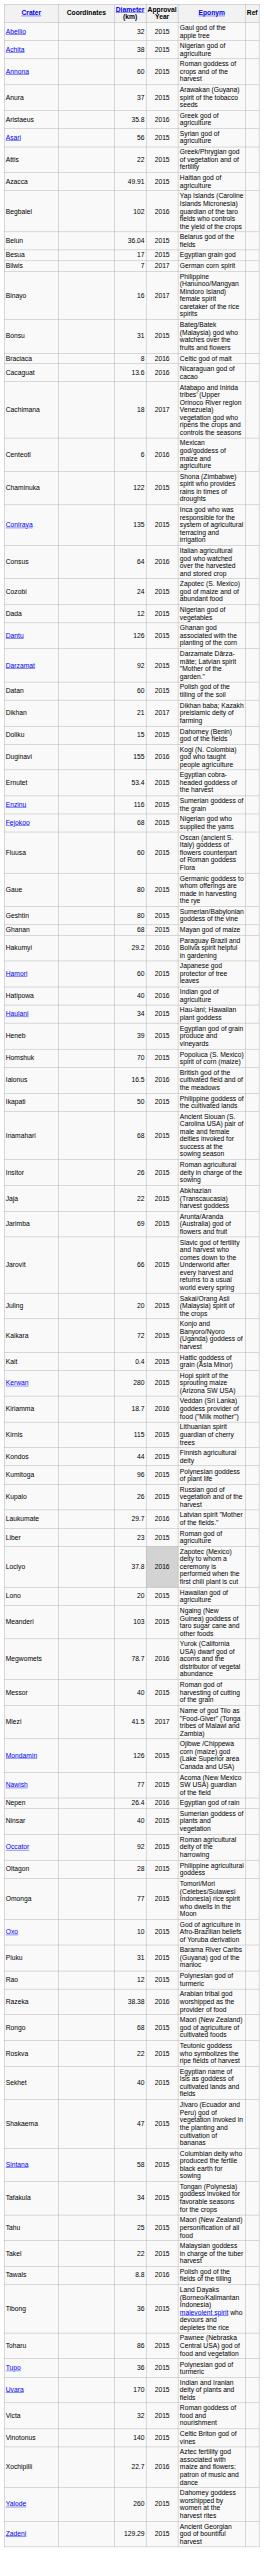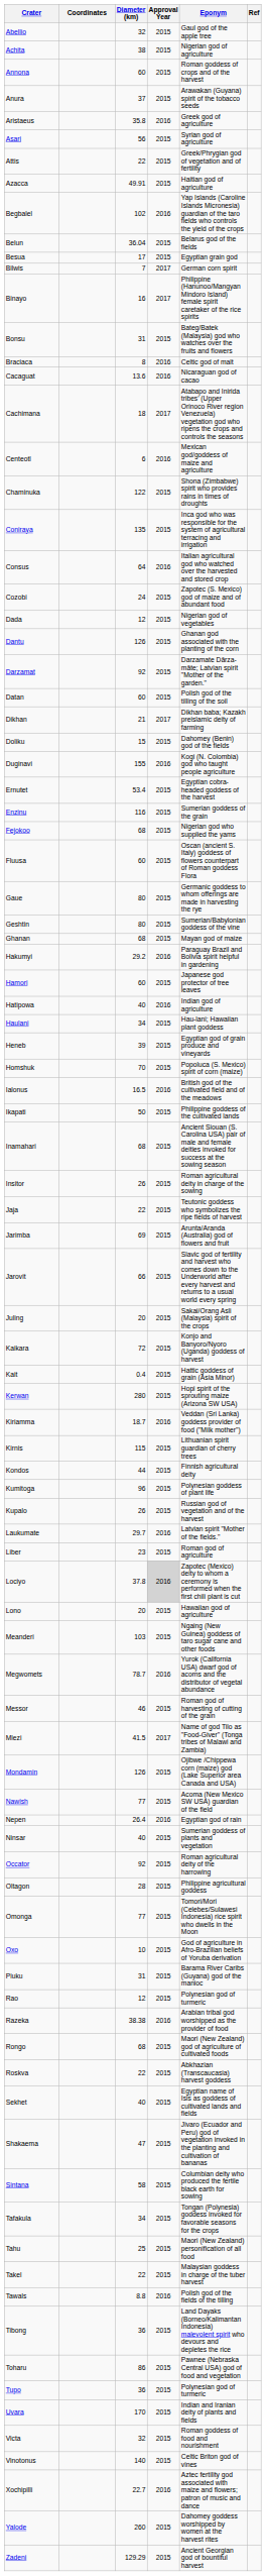 <table class="wikitable sortable" style="min-width: 90%">
 <tr>
 <th style="width:10em"><a href='#'>Crater</a></th>
 <th style="width:10em">Coordinates</th>
 <th><a href='#'>Diameter</a><br>(km)</th>
 <th>Approval<br>Year</th>
 <th class="unsortable"><a href='#'>Eponym</a></th>
 <th class="unsortable">Ref</th>
 </tr>
 <tr id="Abellio">
 <td><a href='#'>Abellio</a></td>
 <td></td>
 <td align=right>32</td>
 <td align=center>2015</td>
 <td>Gaul god of the apple tree</td>
 <td></td>
 </tr>
 <tr id="Achita">
 <td><a href='#'>Achita</a></td>
 <td></td>
 <td align=right>38</td>
 <td align=center>2015</td>
 <td>Nigerian god of agriculture</td>
 <td></td>
 </tr>
 <tr id="Annona">
 <td><a href='#'>Annona</a></td>
 <td></td>
 <td align=right>60</td>
 <td align=center>2015</td>
 <td>Roman goddess of crops and of the harvest</td>
 <td></td>
 </tr>
 <tr id="Anura">
 <td>Anura</td>
 <td></td>
 <td align=right>37</td>
 <td align=center>2015</td>
 <td>Arawakan (Guyana) spirit of the tobacco seeds</td>
 <td></td>
 </tr>
 <tr id="Aristaeus">
 <td>Aristaeus</td>
 <td></td>
 <td align=right>35.8</td>
 <td align=center>2016</td>
 <td>Greek god of agriculture</td>
 <td></td>
 </tr>
 <tr id="Asari">
 <td><a href='#'>Asari</a></td>
 <td></td>
 <td align=right>56</td>
 <td align=center>2015</td>
 <td>Syrian god of agriculture</td>
 <td></td>
 </tr>
 <tr id="Attis">
 <td>Attis</td>
 <td></td>
 <td align=right>22</td>
 <td align=center>2015</td>
 <td>Greek/Phrygian god of vegetation and of fertility</td>
 <td></td>
 </tr>
 <tr id="Azacca">
 <td>Azacca</td>
 <td></td>
 <td align=right>49.91</td>
 <td align=center>2015</td>
 <td>Haitian god of agriculture</td>
 <td></td>
 </tr>
 <tr id="Begbalel">
 <td>Begbalel</td>
 <td></td>
 <td align=right>102</td>
 <td align=center>2016</td>
 <td>Yap Islands (Caroline Islands Micronesia) guardian of the taro fields who controls the yield of the crops</td>
 <td></td>
 </tr>
 <tr id="Belun">
 <td>Belun</td>
 <td></td>
 <td align=right>36.04</td>
 <td align=center>2015</td>
 <td>Belarus god of the fields</td>
 <td></td>
 </tr>
 <tr id="Besua">
 <td>Besua</td>
 <td></td>
 <td align=right>17</td>
 <td align=center>2015</td>
 <td>Egyptian grain god</td>
 <td></td>
 </tr>
 <tr id="Bilwis">
 <td>Bilwis</td>
 <td></td>
 <td align=right>7</td>
 <td align=center>2017</td>
 <td>German corn spirit</td>
 <td></td>
 </tr>
 <tr id="Binayo">
 <td>Binayo</td>
 <td></td>
 <td align=right>16</td>
 <td align=center>2017</td>
 <td>Philippine (Hanunoo/Mangyan Mindoro Island) female spirit caretaker of the rice spirits</td>
 <td></td>
 </tr>
 <tr id="Bonsu">
 <td>Bonsu</td>
 <td></td>
 <td align=right>31</td>
 <td align=center>2015</td>
 <td>Bateg/Batek (Malaysia) god who watches over the fruits and flowers</td>
 <td></td>
 </tr>
 <tr id="Braciaca">
 <td>Braciaca</td>
 <td></td>
 <td align=right>8</td>
 <td align=center>2016</td>
 <td>Celtic god of malt</td>
 <td></td>
 </tr>
 <tr id="Cacaguat">
 <td>Cacaguat</td>
 <td></td>
 <td align=right>13.6</td>
 <td align=center>2016</td>
 <td>Nicaraguan god of cacao</td>
 <td></td>
 </tr>
 <tr id="Cachimana">
 <td>Cachimana</td>
 <td></td>
 <td align=right>18</td>
 <td align=center>2017</td>
 <td>Atabapo and Inirida tribes’ (Upper Orinoco River region Venezuela) vegetation god who ripens the crops and controls the seasons</td>
 <td></td>
 </tr>
 <tr id="Centeotl">
 <td>Centeotl</td>
 <td></td>
 <td align=right>6</td>
 <td align=center>2016</td>
 <td>Mexican god/goddess of maize and agriculture</td>
 <td></td>
 </tr>
 <tr id="Chaminuka">
 <td>Chaminuka</td>
 <td></td>
 <td align=right>122</td>
 <td align=center>2015</td>
 <td>Shona (Zimbabwe) spirit who provides rains in times of droughts</td>
 <td></td>
 </tr>
 <tr id="Coniraya">
 <td><a href='#'>Coniraya</a></td>
 <td></td>
 <td align=right>135</td>
 <td align=center>2015</td>
 <td>Inca god who was responsible for the system of agricultural terracing and irrigation</td>
 <td></td>
 </tr>
 <tr id="Consus">
 <td>Consus</td>
 <td></td>
 <td align=right>64</td>
 <td align=center>2016</td>
 <td>Italian agricultural god who watched over the harvested and stored crop</td>
 <td></td>
 </tr>
 <tr id="Cozobi">
 <td>Cozobi</td>
 <td></td>
 <td align=right>24</td>
 <td align=center>2015</td>
 <td>Zapotec (S. Mexico) god of maize and of abundant food</td>
 <td></td>
 </tr>
 <tr id="Dada">
 <td>Dada</td>
 <td></td>
 <td align=right>12</td>
 <td align=center>2015</td>
 <td>Nigerian god of vegetables</td>
 <td></td>
 </tr>
 <tr id="Dantu">
 <td><a href='#'>Dantu</a></td>
 <td></td>
 <td align=right>126</td>
 <td align=center>2015</td>
 <td>Ghanan god associated with the planting of the corn</td>
 <td></td>
 </tr>
 <tr id="Darzamat">
 <td><a href='#'>Darzamat</a></td>
 <td></td>
 <td align=right>92</td>
 <td align=center>2015</td>
 <td>Darzamate Dārza-māte; Latvian spirit "Mother of the garden."</td>
 <td></td>
 </tr>
 <tr id="Datan">
 <td>Datan</td>
 <td></td>
 <td align=right>60</td>
 <td align=center>2015</td>
 <td>Polish god of the tilling of the soil</td>
 <td></td>
 </tr>
 <tr id="Dikhan">
 <td>Dikhan</td>
 <td></td>
 <td align=right>21</td>
 <td align=center>2017</td>
 <td>Dikhan baba; Kazakh preislamic deity of farming</td>
 <td></td>
 </tr>
 <tr id="Doliku">
 <td>Doliku</td>
 <td></td>
 <td align=right>15</td>
 <td align=center>2015</td>
 <td>Dahomey (Benin) god of the fields</td>
 <td></td>
 </tr>
 <tr id="Duginavi">
 <td>Duginavi</td>
 <td></td>
 <td align=right>155</td>
 <td align=center>2016</td>
 <td>Kogi (N. Colombia) god who taught people agriculture</td>
 <td></td>
 </tr>
 <tr id="Ernutet">
 <td>Ernutet</td>
 <td></td>
 <td align=right>53.4</td>
 <td align=center>2015</td>
 <td>Egyptian cobra-headed goddess of the harvest</td>
 <td></td>
 </tr>
 <tr id="Ezinu">
 <td><a href='#'>Enzinu</a></td>
 <td></td>
 <td align=right>116</td>
 <td align=center>2015</td>
 <td>Sumerian goddess of the grain</td>
 <td></td>
 </tr>
 <tr id="Fejokoo">
 <td><a href='#'>Fejokoo</a></td>
 <td></td>
 <td align=right>68</td>
 <td align=center>2015</td>
 <td>Nigerian god who supplied the yams</td>
 <td></td>
 </tr>
 <tr id="Fluusa">
 <td>Fluusa</td>
 <td></td>
 <td align=right>60</td>
 <td align=center>2015</td>
 <td>Oscan (ancient S. Italy) goddess of flowers counterpart of Roman goddess Flora</td>
 <td></td>
 </tr>
 <tr id="Gaue">
 <td>Gaue</td>
 <td></td>
 <td align=right>80</td>
 <td align=center>2015</td>
 <td>Germanic goddess to whom offerings are made in harvesting the rye</td>
 <td></td>
 </tr>
 <tr id="Geshtin">
 <td>Geshtin</td>
 <td></td>
 <td align=right>80</td>
 <td align=center>2015</td>
 <td>Sumerian/Babylonian goddess of the vine</td>
 <td></td>
 </tr>
 <tr id="Ghanan">
 <td>Ghanan</td>
 <td></td>
 <td align=right>68</td>
 <td align=center>2015</td>
 <td>Mayan god of maize</td>
 <td></td>
 </tr>
 <tr id="Hakumyi">
 <td>Hakumyi</td>
 <td></td>
 <td align=right>29.2</td>
 <td align=center>2016</td>
 <td>Paraguay Brazil and Bolivia spirit helpful in gardening</td>
 <td></td>
 </tr>
 <tr id="Hamori">
 <td><a href='#'>Hamori</a></td>
 <td></td>
 <td align=right>60</td>
 <td align=center>2015</td>
 <td>Japanese god protector of tree leaves</td>
 <td></td>
 </tr>
 <tr id="Hatipowa">
 <td>Hatipowa</td>
 <td></td>
 <td align=right>40</td>
 <td align=center>2016</td>
 <td>Indian god of agriculture</td>
 <td></td>
 </tr>
 <tr id="Haulani">
 <td><a href='#'>Haulani</a></td>
 <td></td>
 <td align=right>34</td>
 <td align=center>2015</td>
 <td>Hau-lani; Hawaiian plant goddess</td>
 <td></td>
 </tr>
 <tr id="Heneb">
 <td>Heneb</td>
 <td></td>
 <td align=right>39</td>
 <td align=center>2015</td>
 <td>Egyptian god of grain produce and vineyards</td>
 <td></td>
 </tr>
 <tr id="Homshuk">
 <td>Homshuk</td>
 <td></td>
 <td align=right>70</td>
 <td align=center>2015</td>
 <td>Popoluca (S. Mexico) spirit of corn (maize)</td>
 <td></td>
 </tr>
 <tr id="Ialonus">
 <td>Ialonus</td>
 <td></td>
 <td align=right>16.5</td>
 <td align=center>2016</td>
 <td>British god of the cultivated field and of the meadows</td>
 <td></td>
 </tr>
 <tr id="Ikapati">
 <td>Ikapati</td>
 <td></td>
 <td align=right>50</td>
 <td align=center>2015</td>
 <td>Philippine goddess of the cultivated lands</td>
 <td></td>
 </tr>
 <tr id="Inamahari">
 <td>Inamahari</td>
 <td></td>
 <td align=right>68</td>
 <td align=center>2015</td>
 <td>Ancient Siouan (S. Carolina USA) pair of male and female deities invoked for success at the sowing season</td>
 <td></td>
 </tr>
 <tr id="Insitor">
 <td>Insitor</td>
 <td></td>
 <td align=right>26</td>
 <td align=center>2015</td>
 <td>Roman agricultural deity in charge of the sowing</td>
 <td></td>
 </tr>
 <tr id="Jaja">
 <td>Jaja</td>
 <td></td>
 <td align=right>22</td>
 <td align=center>2015</td>
-<td>Abkhazian (Transcaucasia) harvest goddess</td>
+<td>Teutonic goddess who symbolizes the ripe fields of harvest</td>
 <td></td>
 </tr>
 <tr id="Jarimba">
 <td>Jarimba</td>
 <td></td>
 <td align=right>69</td>
 <td align=center>2015</td>
 <td>Arunta/Aranda (Australia) god of flowers and fruit</td>
 <td></td>
 </tr>
 <tr id="Jarovit">
 <td>Jarovit</td>
 <td></td>
 <td align=right>66</td>
 <td align=center>2015</td>
 <td>Slavic god of fertility and harvest who comes down to the Underworld after every harvest and returns to a usual world every spring</td>
 <td></td>
 </tr>
 <tr id="Juling">
 <td>Juling</td>
 <td></td>
 <td align=right>20</td>
 <td align=center>2015</td>
 <td>Sakai/Orang Asli (Malaysia) spirit of the crops</td>
 <td></td>
 </tr>
 <tr id="Kaikara">
 <td>Kaikara</td>
 <td></td>
 <td align=right>72</td>
 <td align=center>2015</td>
 <td>Konjo and Banyoro/Nyoro (Uganda) goddess of harvest</td>
 <td></td>
 </tr>
 <tr id="Kait">
 <td>Kait</td>
 <td></td>
 <td align=right>0.4</td>
 <td align=center>2015</td>
 <td>Hattic goddess of grain (Asia Minor)</td>
 <td></td>
 </tr>
 <tr id="Kerwan">
 <td><a href='#'>Kerwan</a></td>
 <td></td>
 <td align=right>280</td>
 <td align=center>2015</td>
 <td>Hopi spirit of the sprouting maize (Arizona SW USA)</td>
 <td></td>
 </tr>
 <tr id="Kiriamma">
 <td>Kiriamma</td>
 <td></td>
 <td align=right>18.7</td>
 <td align=center>2016</td>
 <td>Veddan (Sri Lanka) goddess provider of food ("Milk mother")</td>
 <td></td>
 </tr>
 <tr id="Kirnis">
 <td>Kirnis</td>
 <td></td>
 <td align=right>115</td>
 <td align=center>2015</td>
 <td>Lithuanian spirit guardian of cherry trees</td>
 <td></td>
 </tr>
 <tr id="Kondos">
 <td>Kondos</td>
 <td></td>
 <td align=right>44</td>
 <td align=center>2015</td>
 <td>Finnish agricultural deity</td>
 <td></td>
 </tr>
 <tr id="Kumitoga">
 <td>Kumitoga</td>
 <td></td>
 <td align=right>96</td>
 <td align=center>2015</td>
 <td>Polynesian goddess of plant life</td>
 <td></td>
 </tr>
 <tr id="Kupalo">
 <td>Kupalo</td>
 <td></td>
 <td align=right>26</td>
 <td align=center>2015</td>
 <td>Russian god of vegetation and of the harvest</td>
 <td></td>
 </tr>
 <tr id="Laukumate">
 <td>Laukumate</td>
 <td></td>
 <td align=right>29.7</td>
 <td align=center>2016</td>
 <td>Latvian spirit "Mother of the fields."</td>
 <td></td>
 </tr>
 <tr id="Liber">
 <td>Liber</td>
 <td></td>
 <td align=right>23</td>
 <td align=center>2015</td>
 <td>Roman god of agriculture</td>
 <td></td>
 </tr>
 <tr id="Lociyo">
 <td>Lociyo</td>
 <td></td>
 <td align=right>37.8</td>
 <td align=center style="background: lightgrey;">2016</td>
 <td>Zapotec (Mexico) deity to whom a ceremony is performed when the first chili plant is cut</td>
 <td></td>
 </tr>
 <tr id="Lono">
 <td>Lono</td>
 <td></td>
 <td align=right>20</td>
 <td align=center>2015</td>
 <td>Hawaiian god of agriculture</td>
 <td></td>
 </tr>
 <tr id="Meanderi">
 <td>Meanderi</td>
 <td></td>
 <td align=right>103</td>
 <td align=center>2015</td>
 <td>Ngaing (New Guinea) goddess of taro sugar cane and other foods</td>
 <td></td>
 </tr>
 <tr id="Megwomets">
 <td>Megwomets</td>
 <td></td>
 <td align=right>78.7</td>
 <td align=center>2016</td>
 <td>Yurok (California USA) dwarf god of acorns and the distributor of vegetal abundance</td>
 <td></td>
 </tr>
 <tr id="Messor">
 <td>Messor</td>
 <td></td>
-<td align=right>40</td>
+<td align=right>46</td>
 <td align=center>2015</td>
 <td>Roman god of harvesting of cutting of the grain</td>
 <td></td>
 </tr>
 <tr id="Mlezi">
 <td>Mlezi</td>
 <td></td>
 <td align=right>41.5</td>
 <td align=center>2017</td>
 <td>Name of god Tilo as "Food-Giver" (Tonga tribes of Malawi and Zambia)</td>
 <td></td>
 </tr>
 <tr id="Mondamin">
 <td><a href='#'>Mondamin</a></td>
 <td></td>
 <td align=right>126</td>
 <td align=center>2015</td>
 <td>Ojibwe /Chippewa corn (maize) god (Lake Superior area Canada and USA)</td>
 <td></td>
 </tr>
 <tr id="Nawish">
 <td><a href='#'>Nawish</a></td>
 <td></td>
 <td align=right>77</td>
 <td align=center>2015</td>
 <td>Acoma (New Mexico SW USA) guardian of the field</td>
 <td></td>
 </tr>
 <tr id="Nepen">
 <td>Nepen</td>
 <td></td>
 <td align=right>26.4</td>
 <td align=center>2016</td>
 <td>Egyptian god of rain</td>
 <td></td>
 </tr>
 <tr id="Ninsar">
 <td>Ninsar</td>
 <td></td>
 <td align=right>40</td>
 <td align=center>2015</td>
 <td>Sumerian goddess of plants and vegetation</td>
 <td></td>
 </tr>
 <tr id="Occator">
 <td><a href='#'>Occator</a></td>
 <td></td>
 <td align=right>92</td>
 <td align=center>2015</td>
 <td>Roman agricultural deity of the harrowing</td>
 <td></td>
 </tr>
 <tr id="Oltagon">
 <td>Oltagon</td>
 <td></td>
 <td align=right>28</td>
 <td align=center>2015</td>
 <td>Philippine agricultural goddess</td>
 <td></td>
 </tr>
 <tr id="Omonga">
 <td>Omonga</td>
 <td></td>
 <td align=right>77</td>
 <td align=center>2015</td>
 <td>Tomori/Mori (Celebes/Sulawesi Indonesia) rice spirit who dwells in the Moon</td>
 <td></td>
 </tr>
 <tr id="Oxo">
 <td><a href='#'>Oxo</a></td>
 <td></td>
 <td align=right>10</td>
 <td align=center>2015</td>
 <td>God of agriculture in Afro-Brazilian beliefs of Yoruba derivation</td>
 <td></td>
 </tr>
 <tr id="Piuku">
 <td>Piuku</td>
 <td></td>
 <td align=right>31</td>
 <td align=center>2015</td>
 <td>Barama River Caribs (Guyana) god of the manioc</td>
 <td></td>
 </tr>
 <tr id="Rao">
 <td>Rao</td>
 <td></td>
 <td align=right>12</td>
 <td align=center>2015</td>
 <td>Polynesian god of turmeric</td>
 <td></td>
 </tr>
 <tr id="Razeka">
 <td>Razeka</td>
 <td></td>
 <td align=right>38.38</td>
 <td align=center>2016</td>
 <td>Arabian tribal god worshipped as the provider of food</td>
 <td></td>
 </tr>
 <tr id="Rongo">
 <td>Rongo</td>
 <td></td>
 <td align=right>68</td>
 <td align=center>2015</td>
 <td>Maori (New Zealand) god of agriculture of cultivated foods</td>
 <td></td>
 </tr>
 <tr id="Roskva">
 <td>Roskva</td>
 <td></td>
 <td align=right>22</td>
 <td align=center>2015</td>
-<td>Teutonic goddess who symbolizes the ripe fields of harvest</td>
+<td>Abkhazian (Transcaucasia) harvest goddess</td>
 <td></td>
 </tr>
 <tr id="Sekhet">
 <td>Sekhet</td>
 <td></td>
 <td align=right>40</td>
 <td align=center>2015</td>
 <td>Egyptian name of Isis as goddess of cultivated lands and fields</td>
 <td></td>
 </tr>
 <tr id="Shakaema">
 <td>Shakaema</td>
 <td></td>
 <td align=right>47</td>
 <td align=center>2015</td>
 <td>Jivaro (Ecuador and Peru) god of vegetation invoked in the planting and cultivation of bananas</td>
 <td></td>
 </tr>
 <tr id="Sintana">
 <td><a href='#'>Sintana</a></td>
 <td></td>
 <td align=right>58</td>
 <td align=center>2015</td>
 <td>Columbian deity who produced the fertile black earth for sowing</td>
 <td></td>
 </tr>
 <tr id="Tafakula">
 <td>Tafakula</td>
 <td></td>
 <td align=right>34</td>
 <td align=center>2015</td>
 <td>Tongan (Polynesia) goddess invoked for favorable seasons for the crops</td>
 <td></td>
 </tr>
 <tr id="Tahu">
 <td>Tahu</td>
 <td></td>
 <td align=right>25</td>
 <td align=center>2015</td>
 <td>Maori (New Zealand) personification of all food</td>
 <td></td>
 </tr>
 <tr id="Takel">
 <td>Takel</td>
 <td></td>
 <td align=right>22</td>
 <td align=center>2015</td>
 <td>Malaysian goddess in charge of the tuber harvest</td>
 <td></td>
 </tr>
 <tr id="Tawals">
 <td>Tawals</td>
 <td></td>
 <td align=right>8.8</td>
 <td align=center>2016</td>
 <td>Polish god of the fields of the tilling</td>
 <td></td>
 </tr>
 <tr id="Tibong">
 <td>Tibong</td>
 <td></td>
 <td align=right>36</td>
 <td align=center>2015</td>
 <td>Land Dayaks (Borneo/Kalimantan Indonesia) <a href='#'>malevolent spirit</a> who devours and depletes the rice</td>
 <td></td>
 </tr>
 <tr id="Toharu">
 <td>Toharu</td>
 <td></td>
 <td align=right>86</td>
 <td align=center>2015</td>
 <td>Pawnee (Nebraska Central USA) god of food and vegetation</td>
 <td></td>
 </tr>
 <tr id="Tupo">
 <td><a href='#'>Tupo</a></td>
 <td></td>
 <td align=right>36</td>
 <td align=center>2015</td>
 <td>Polynesian god of turmeric</td>
 <td></td>
 </tr>
 <tr id="Urvara">
 <td><a href='#'>Uvara</a></td>
 <td></td>
 <td align=right>170</td>
 <td align=center>2015</td>
 <td>Indian and Iranian deity of plants and fields</td>
 <td></td>
 </tr>
 <tr id="Victa">
 <td>Victa</td>
 <td></td>
 <td align=right>32</td>
 <td align=center>2015</td>
 <td>Roman goddess of food and nourishment</td>
 <td></td>
 </tr>
 <tr id="Vinotonus">
 <td>Vinotonus</td>
 <td></td>
 <td align=right>140</td>
 <td align=center>2015</td>
 <td>Celtic Briton god of vines</td>
 <td></td>
 </tr>
 <tr id="Xochipilli">
 <td>Xochipilli</td>
 <td></td>
 <td align=right>22.7</td>
 <td align=center>2016</td>
 <td>Aztec fertility god associated with maize and flowers; patron of music and dance</td>
 <td></td>
 </tr>
 <tr id="Yalode">
 <td><a href='#'>Yalode</a></td>
 <td></td>
 <td align=right>260</td>
 <td align=center>2015</td>
 <td>Dahomey goddess worshipped by women at the harvest rites</td>
 <td></td>
 </tr>
 <tr id="Zadeni">
 <td><a href='#'>Zadeni</a></td>
 <td></td>
 <td align=right>129.29</td>
 <td align=center>2015</td>
 <td>Ancient Georgian god of bountiful harvest</td>
 <td></td>
 </tr>
 </table>
